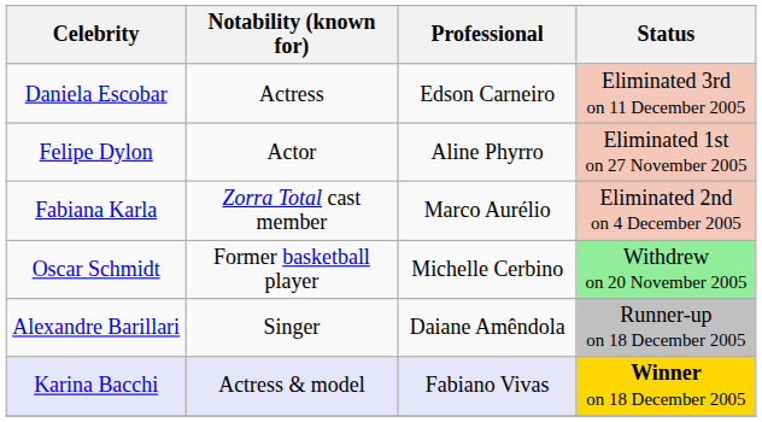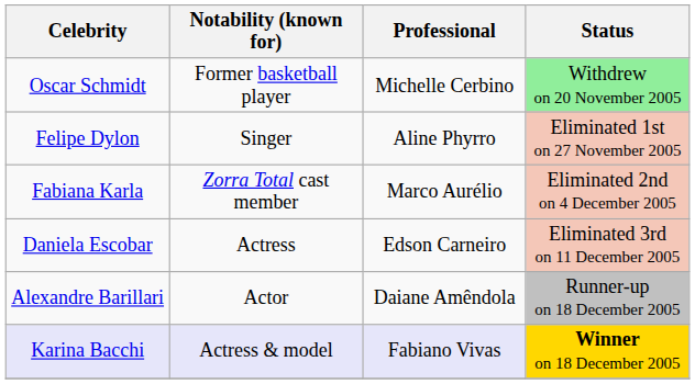 <table class= "wikitable sortable" style="text-align: center; margin:1em auto; align: center">
 <tr>
 <th width=125>Celebrity</th>
 <th width=150>Notability (known for)</th>
 <th width=125>Professional</th>
 <th width=125>Status</th>
 </tr>
 <tr>
-<td><a href='#'>Daniela Escobar</a></td>
-<td>Actress</td>
-<td>Edson Carneiro</td>
-<td bgcolor="F4C7B8">Eliminated 3rd<br><small>on 11 December 2005</small></td>
+<td><a href='#'>Oscar Schmidt</a></td>
+<td>Former <a href='#'>basketball</a> player</td>
+<td>Michelle Cerbino</td>
+<td bgcolor="90EE9B">Withdrew<br><small>on 20 November 2005</small></td>
 </tr>
 <tr>
 <td><a href='#'>Felipe Dylon</a></td>
-<td>Actor</td>
+<td>Singer</td>
 <td>Aline Phyrro</td>
 <td bgcolor="F4C7B8">Eliminated 1st<br><small>on 27 November 2005</small></td>
 </tr>
 <tr>
 <td><a href='#'>Fabiana Karla</a></td>
 <td><em><a href='#'>Zorra Total</a></em> cast member</td>
 <td>Marco Aurélio</td>
 <td bgcolor="F4C7B8">Eliminated 2nd<br><small>on 4 December 2005</small></td>
 </tr>
 <tr>
-<td><a href='#'>Oscar Schmidt</a></td>
-<td>Former <a href='#'>basketball</a> player</td>
-<td>Michelle Cerbino</td>
-<td bgcolor="90EE9B">Withdrew<br><small>on 20 November 2005</small></td>
+<td><a href='#'>Daniela Escobar</a></td>
+<td>Actress</td>
+<td>Edson Carneiro</td>
+<td bgcolor="F4C7B8">Eliminated 3rd<br><small>on 11 December 2005</small></td>
 </tr>
 <tr>
 <td><a href='#'>Alexandre Barillari</a></td>
-<td>Singer</td>
+<td>Actor</td>
 <td>Daiane Amêndola</td>
 <td bgcolor="C0C0C0">Runner-up<br><small>on 18 December 2005</small></td>
 </tr>
 <tr>
 <td bgcolor="E6E6FA"><a href='#'>Karina Bacchi</a></td>
 <td bgcolor="E6E6FA">Actress & model</td>
 <td bgcolor="E6E6FA">Fabiano Vivas</td>
 <td bgcolor="FFD700"><strong>Winner</strong><br><small>on 18 December 2005</small></td>
 </tr>
 <tr>
 </tr>
 </table>
